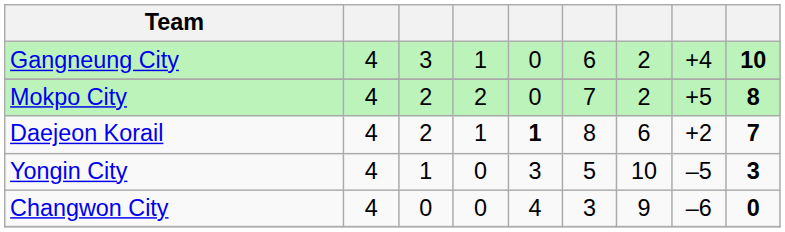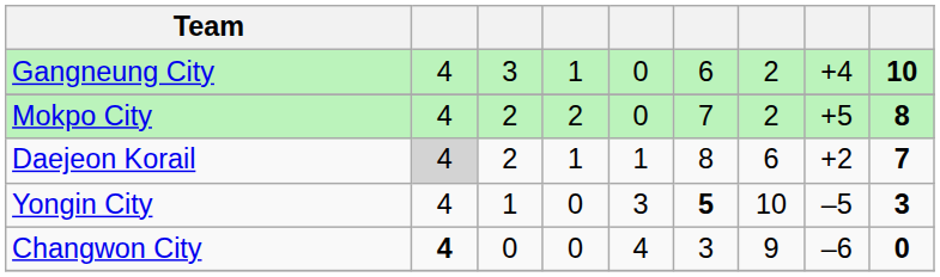 <table class="wikitable" style="text-align:center;">
 <tr>
 <th width=225>Team</th>
 <th width=30></th>
 <th width=30></th>
 <th width=30></th>
 <th width=30></th>
 <th width=30></th>
 <th width=30></th>
 <th width=30></th>
 <th width=30></th>
 </tr>
 <tr bgcolor=#bbf3bb>
 <td align=left><a href='#'>Gangneung City</a></td>
 <td>4</td>
 <td>3</td>
 <td>1</td>
 <td>0</td>
 <td>6</td>
 <td>2</td>
 <td>+4</td>
 <td><strong>10</strong></td>
 </tr>
 <tr>
 </tr>
 <tr bgcolor=#bbf3bb>
 <td align=left><a href='#'>Mokpo City</a></td>
 <td>4</td>
 <td>2</td>
 <td>2</td>
 <td>0</td>
 <td>7</td>
 <td>2</td>
 <td>+5</td>
 <td><strong>8</strong></td>
 </tr>
 <tr>
 <td align=left><a href='#'>Daejeon Korail</a></td>
-<td>4</td>
+<td style="background: lightgrey;">4</td>
 <td>2</td>
 <td>1</td>
-<td><strong>1</strong></td>
+<td>1</td>
 <td>8</td>
 <td>6</td>
 <td>+2</td>
 <td><strong>7</strong></td>
 </tr>
 <tr>
 <td align=left><a href='#'>Yongin City</a></td>
 <td>4</td>
 <td>1</td>
 <td>0</td>
 <td>3</td>
-<td>5</td>
+<td><strong>5</strong></td>
 <td>10</td>
 <td>–5</td>
 <td><strong>3</strong></td>
 </tr>
 <tr>
 <td align=left><a href='#'>Changwon City</a></td>
-<td>4</td>
+<td><strong>4</strong></td>
 <td>0</td>
 <td>0</td>
 <td>4</td>
 <td>3</td>
 <td>9</td>
 <td>–6</td>
 <td><strong>0</strong></td>
 </tr>
 <tr>
 </tr>
 </table>
